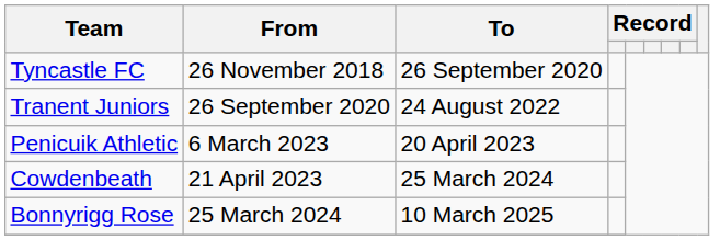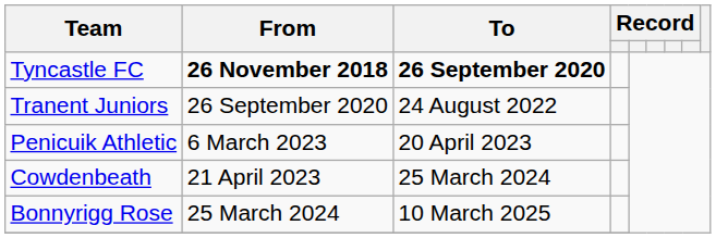 <table class=wikitable style="text-align: left">
 <tr>
 <th rowspan=2>Team</th>
 <th rowspan=2>From</th>
 <th rowspan=2>To</th>
 <th colspan=5>Record</th>
 <th rowspan=2></th>
 </tr>
 <tr>
 <th></th>
 <th></th>
 <th></th>
 <th></th>
 <th></th>
 </tr>
 <tr>
 <td><a href='#'>Tyncastle FC</a></td>
-<td>26 November 2018</td>
-<td>26 September 2020<br></td>
+<td><strong>26 November 2018</strong></td>
+<td><strong>26 September 2020<br></strong></td>
 <td></td>
 </tr>
 <tr>
 <td><a href='#'>Tranent Juniors</a></td>
 <td>26 September 2020</td>
 <td>24 August 2022<br></td>
 <td></td>
 </tr>
 <tr>
 <td><a href='#'>Penicuik Athletic</a></td>
 <td>6 March 2023</td>
 <td>20 April 2023<br></td>
 <td></td>
 </tr>
 <tr>
 <td><a href='#'>Cowdenbeath</a></td>
 <td>21 April 2023</td>
 <td>25 March 2024<br></td>
 <td></td>
 </tr>
 <tr>
 <td><a href='#'>Bonnyrigg Rose</a></td>
 <td>25 March 2024</td>
 <td>10 March 2025<br></td>
 <td></td>
 </tr>
 <tr>
 </tr>
 </table>
